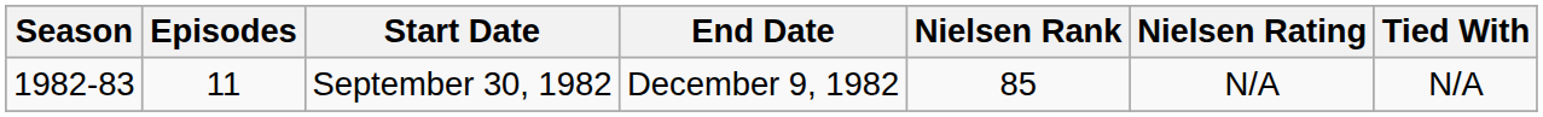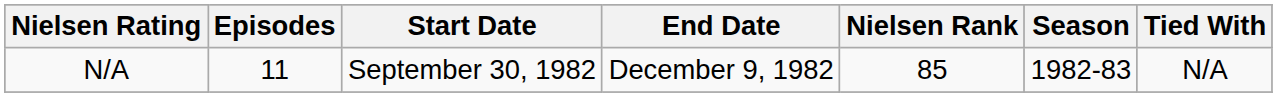 <table class="wikitable" style="text-align: center">
 <tr>
-<th>Season</th>
+<th>Nielsen Rating</th>
 <th>Episodes</th>
 <th>Start Date</th>
 <th>End Date</th>
 <th>Nielsen Rank</th>
-<th>Nielsen Rating</th>
+<th>Season</th>
 <th>Tied With</th>
 </tr>
 <tr>
-<td style="text-align:center">1982-83</td>
+<td style="text-align:center">N/A</td>
 <td style="text-align:center">11</td>
 <td style="text-align:center">September 30, 1982</td>
 <td style="text-align:center">December 9, 1982</td>
 <td style="text-align:center:">85</td>
-<td style="text-align:center">N/A</td>
+<td style="text-align:center">1982-83</td>
 <td style="text-align:center">N/A</td>
 </tr>
 </table>
